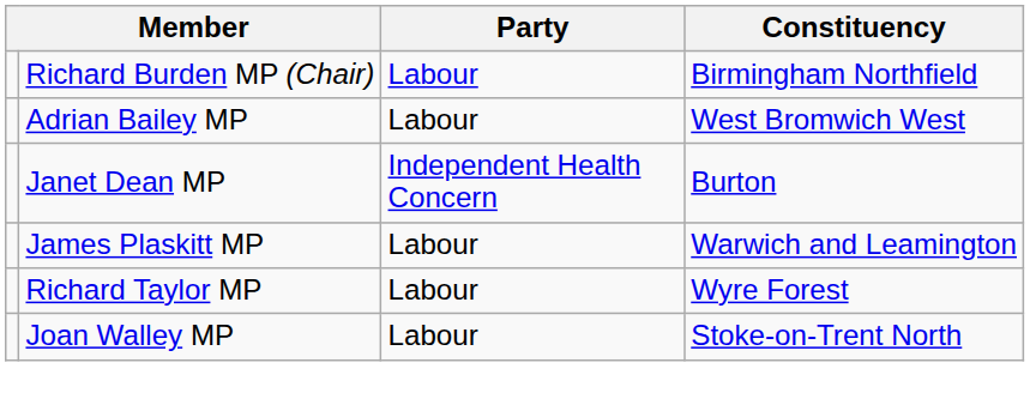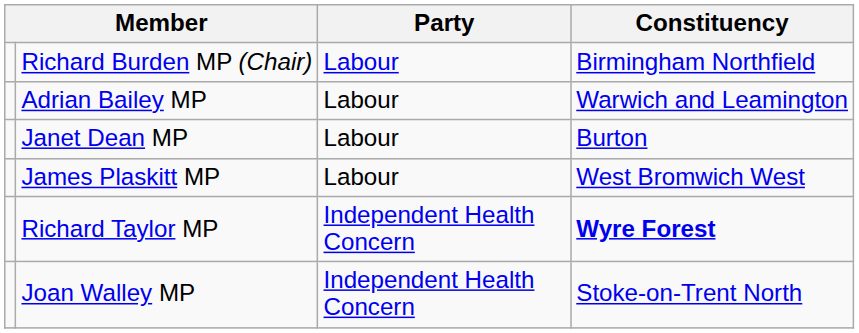 <table class="wikitable">
 <tr>
 <th width="160px" colspan="2">Member</th>
 <th width="160px" colspan="1">Party</th>
 <th width="160px" colspan="2">Constituency</th>
 </tr>
 <tr>
 <td style="color:inherit;background:"></td>
 <td><a href='#'>Richard Burden</a> MP <em>(Chair)</em></td>
 <td><a href='#'>Labour</a></td>
 <td><a href='#'>Birmingham Northfield</a></td>
 </tr>
 <tr>
 <td style="color:inherit;background:"></td>
 <td><a href='#'>Adrian Bailey</a> MP</td>
 <td>Labour</td>
-<td><a href='#'>West Bromwich West</a></td>
+<td><a href='#'>Warwich and Leamington</a></td>
 </tr>
 <tr>
 <td style="color:inherit;background:"></td>
 <td><a href='#'>Janet Dean</a> MP</td>
-<td><a href='#'>Independent Health Concern</a></td>
+<td>Labour</td>
 <td><a href='#'>Burton</a></td>
 </tr>
 <tr>
 <td style="color:inherit;background:"></td>
 <td><a href='#'>James Plaskitt</a> MP</td>
 <td>Labour</td>
-<td><a href='#'>Warwich and Leamington</a></td>
+<td><a href='#'>West Bromwich West</a></td>
 </tr>
 <tr>
 <td style="color:inherit;background:"></td>
 <td><a href='#'>Richard Taylor</a> MP</td>
-<td>Labour</td>
-<td><a href='#'>Wyre Forest</a></td>
+<td><a href='#'>Independent Health Concern</a></td>
+<td><strong><a href='#'>Wyre Forest</a></strong></td>
 </tr>
 <tr>
 <td style="color:inherit;background:"></td>
 <td><a href='#'>Joan Walley</a> MP</td>
-<td>Labour</td>
+<td><a href='#'>Independent Health Concern</a></td>
 <td><a href='#'>Stoke-on-Trent North</a></td>
 </tr>
 </table>
